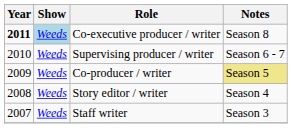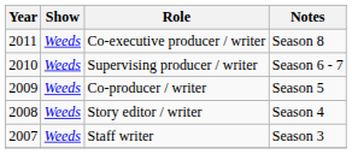 <table class="wikitable" style="font-size: 95%;">
 <tr>
 <th>Year</th>
 <th>Show</th>
 <th>Role</th>
 <th>Notes</th>
 </tr>
 <tr>
-<td><strong>2011</strong></td>
-<td style="background: lightblue;"><em><a href='#'>Weeds</a></em></td>
+<td>2011</td>
+<td><em><a href='#'>Weeds</a></em></td>
 <td>Co-executive producer / writer</td>
 <td>Season 8</td>
 </tr>
 <tr>
 <td>2010</td>
 <td><em><a href='#'>Weeds</a></em></td>
 <td>Supervising producer / writer</td>
 <td>Season 6 - 7</td>
 </tr>
 <tr>
 <td>2009</td>
 <td><em><a href='#'>Weeds</a></em></td>
 <td>Co-producer / writer</td>
-<td style="background: khaki;">Season 5</td>
+<td>Season 5</td>
 </tr>
 <tr>
 <td>2008</td>
 <td><em><a href='#'>Weeds</a></em></td>
 <td>Story editor / writer</td>
 <td>Season 4</td>
 </tr>
 <tr>
 <td>2007</td>
 <td><em><a href='#'>Weeds</a></em></td>
 <td>Staff writer</td>
 <td>Season 3</td>
 </tr>
 <tr>
 </tr>
 </table>
